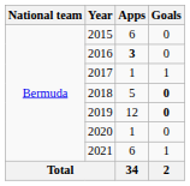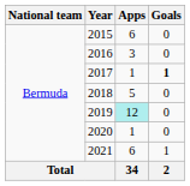 <table class="wikitable" style="text-align:center">
 <tr>
 <th>National team</th>
 <th>Year</th>
 <th>Apps</th>
 <th>Goals</th>
 </tr>
 <tr>
 <td rowspan="7"><a href='#'>Bermuda</a></td>
 <td>2015</td>
 <td>6</td>
 <td>0</td>
 </tr>
 <tr>
 <td>2016</td>
-<td><strong>3</strong></td>
+<td>3</td>
 <td>0</td>
 </tr>
 <tr>
 <td>2017</td>
 <td>1</td>
-<td>1</td>
+<td><strong>1</strong></td>
 </tr>
 <tr>
 <td>2018</td>
 <td>5</td>
-<td><strong>0</strong></td>
+<td>0</td>
 </tr>
 <tr>
 <td>2019</td>
-<td>12</td>
-<td><strong>0</strong></td>
+<td style="background: paleturquoise;">12</td>
+<td>0</td>
 </tr>
 <tr>
 <td>2020</td>
 <td>1</td>
 <td>0</td>
 </tr>
 <tr>
 <td>2021</td>
 <td>6</td>
 <td>1</td>
 </tr>
 <tr>
 <th colspan=2>Total</th>
 <th>34</th>
 <th>2</th>
 </tr>
 </table>
